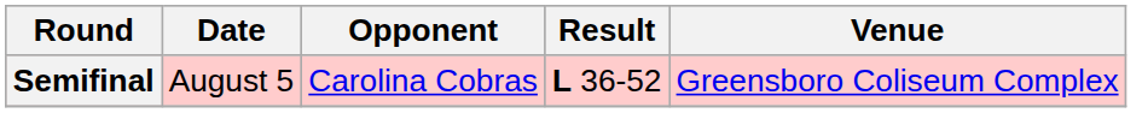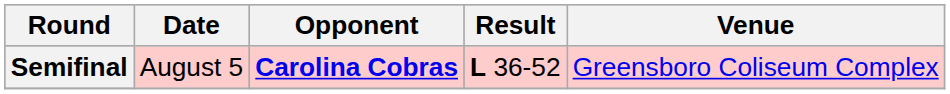 <table class="wikitable">
 <tr>
 <th>Round</th>
 <th>Date</th>
 <th>Opponent</th>
 <th>Result</th>
 <th>Venue</th>
 </tr>
 <tr align="center" bgcolor="#fcc">
 <th>Semifinal</th>
 <td>August 5</td>
-<td><a href='#'>Carolina Cobras</a></td>
+<td><strong><a href='#'>Carolina Cobras</a></strong></td>
 <td><strong>L</strong> 36-52</td>
 <td><a href='#'>Greensboro Coliseum Complex</a></td>
 </tr>
 <tr>
 </tr>
 </table>
